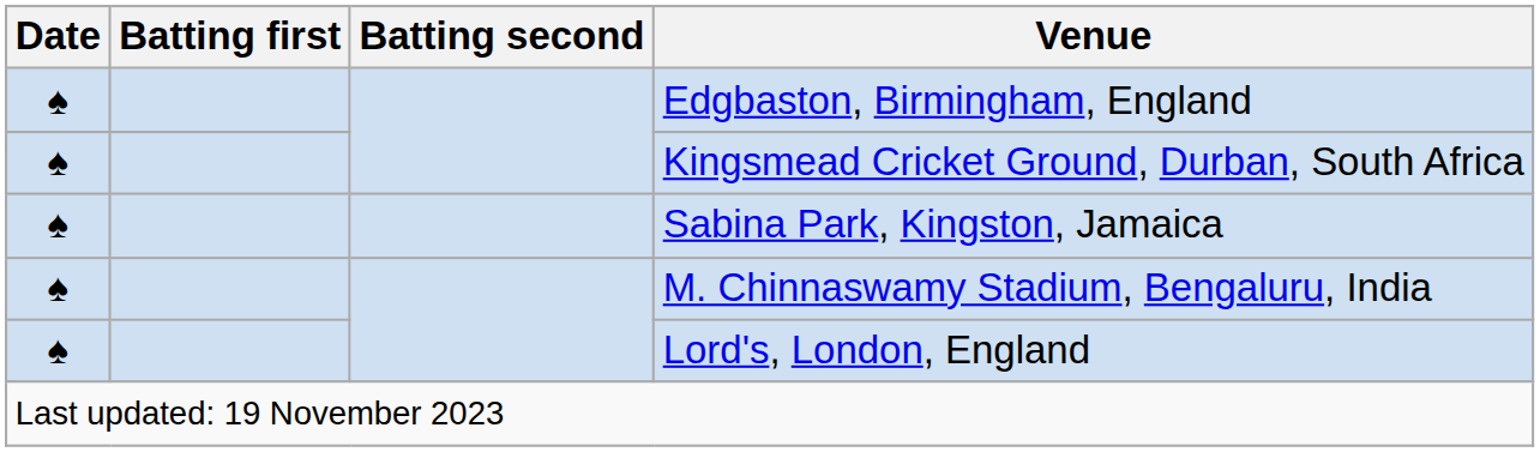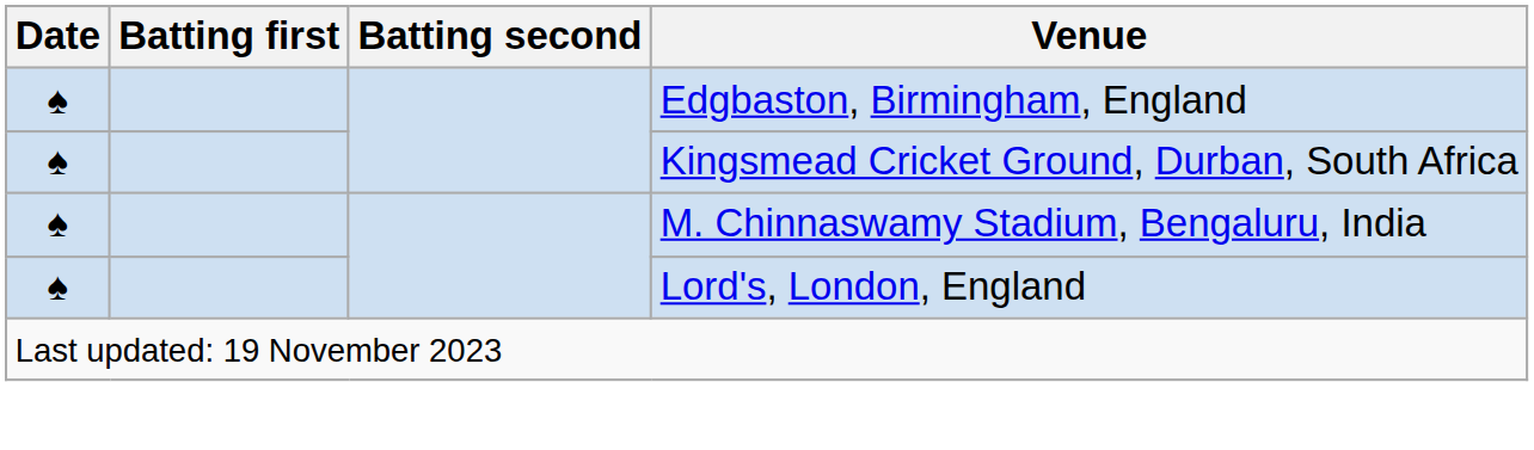 <table class="wikitable plainrowheaders sortable">
 <tr>
 <th scope=col>Date</th>
 <th scope=col>Batting first</th>
 <th scope=col>Batting second</th>
 <th scope=col>Venue</th>
 </tr>
 <tr bgcolor=#cee0f2>
 <th scope=row style="background:#cee0f2;"><a href='#'></a> ♠</th>
 <td></td>
 <td rowspan=2></td>
 <td><a href='#'>Edgbaston</a>, <a href='#'>Birmingham</a>, England</td>
 </tr>
 <tr bgcolor=#cee0f2>
 <th scope=row style="background:#cee0f2;"><a href='#'></a> ♠</th>
 <td></td>
 <td><a href='#'>Kingsmead Cricket Ground</a>, <a href='#'>Durban</a>, South Africa</td>
 </tr>
 <tr bgcolor=#cee0f2>
 <th scope=row style="background:#cee0f2;"><a href='#'></a> ♠</th>
 <td></td>
-<td></td>
-<td><a href='#'>Sabina Park</a>, <a href='#'>Kingston</a>, Jamaica</td>
-</tr>
-<tr bgcolor=#cee0f2>
-<th scope=row style="background:#cee0f2;"><a href='#'></a> ♠</th>
-<td></td>
 <td rowspan=2></td>
 <td><a href='#'>M. Chinnaswamy Stadium</a>, <a href='#'>Bengaluru</a>, India</td>
 </tr>
 <tr bgcolor=#cee0f2>
 <th scope=row style="background:#cee0f2;"><a href='#'></a> ♠</th>
 <td></td>
 <td><a href='#'>Lord's</a>, <a href='#'>London</a>, England</td>
 </tr>
 <tr class=sortbottom>
 <td colspan=4><small>Last updated: 19 November 2023</small></td>
 </tr>
 </table>
